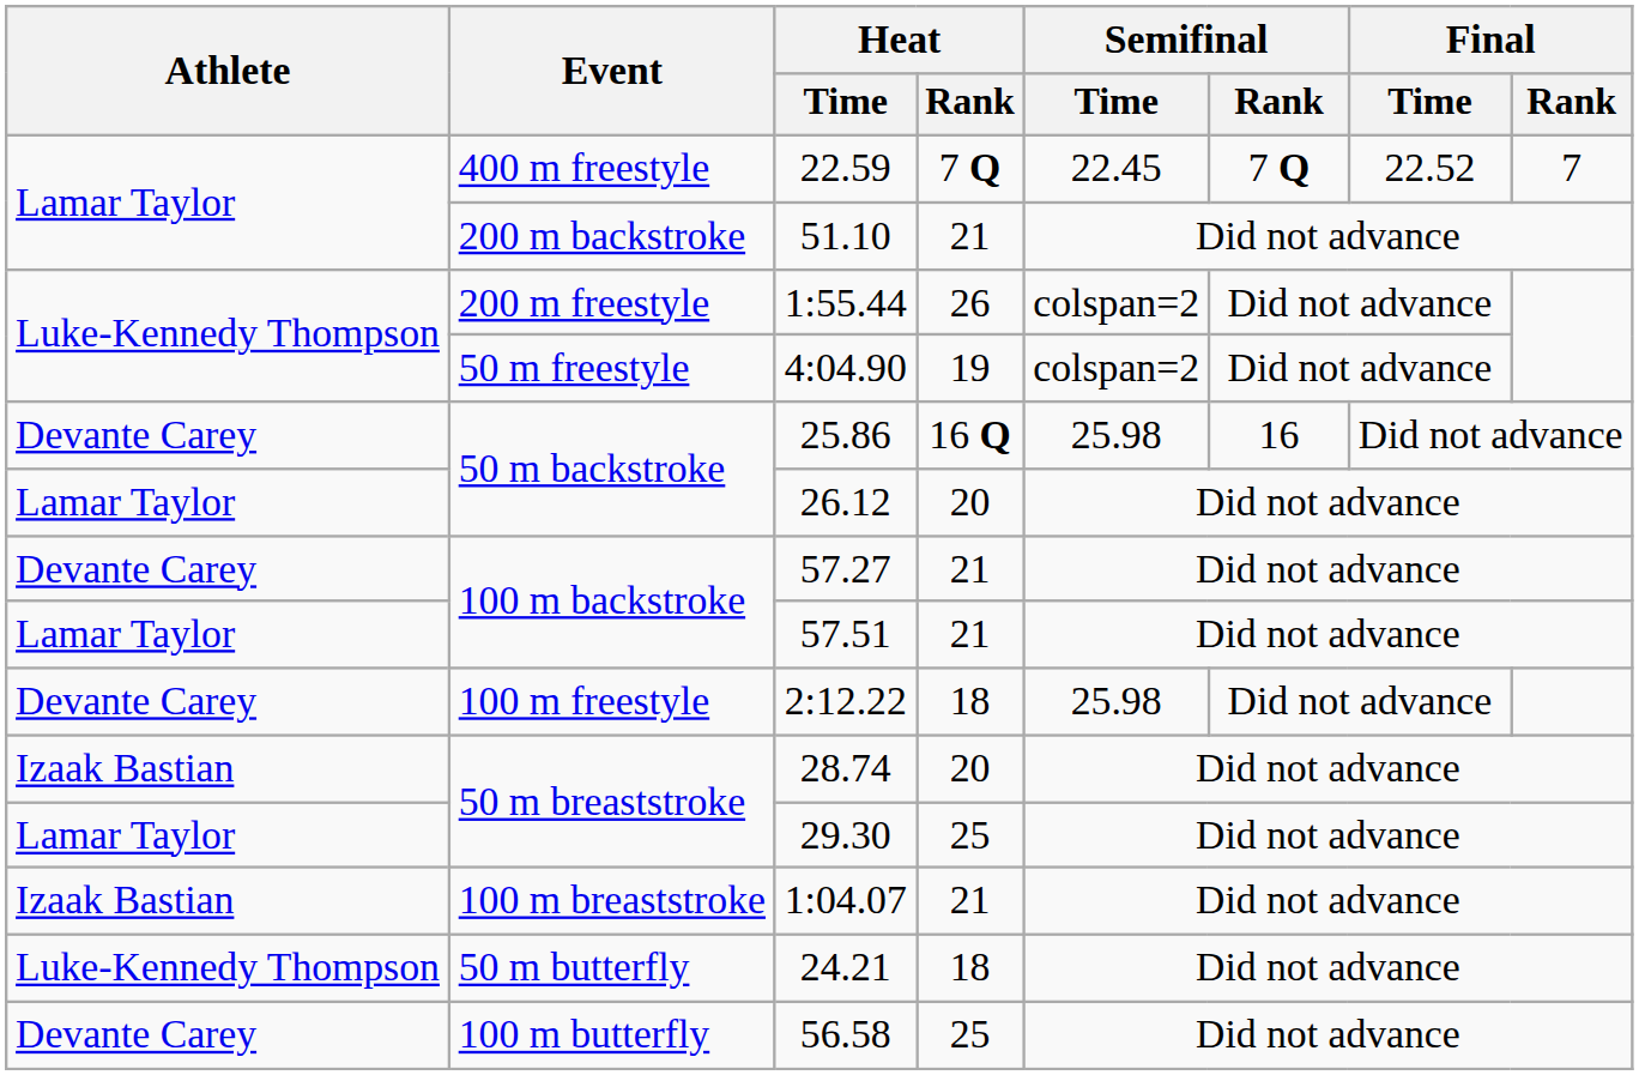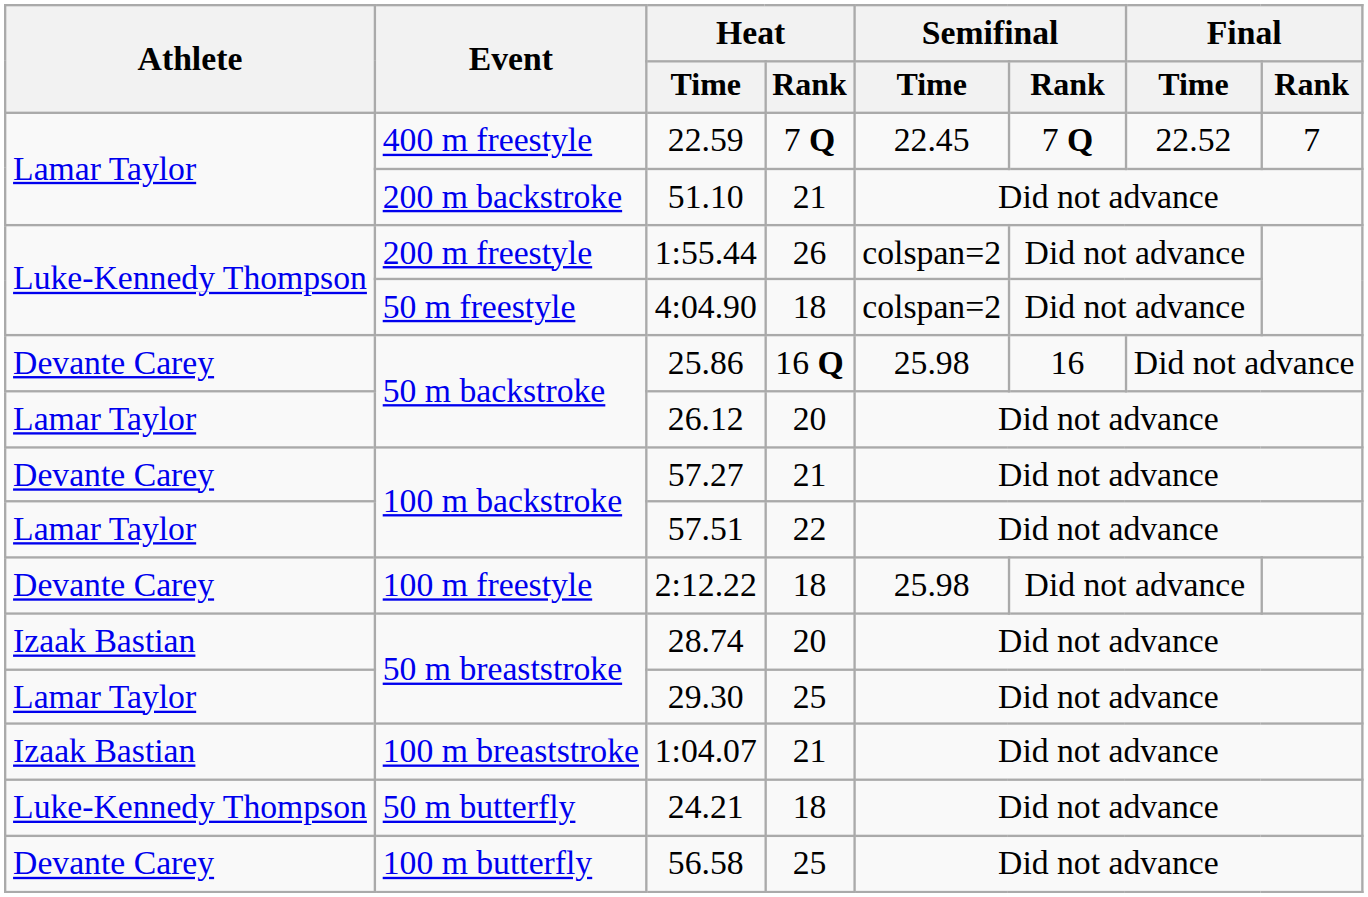 <table class=wikitable style=font-size:90%>
 <tr>
 <th rowspan=2>Athlete</th>
 <th rowspan=2>Event</th>
 <th colspan=2>Heat</th>
 <th colspan=2>Semifinal</th>
 <th colspan=2>Final</th>
 </tr>
 <tr style=font-size:95%>
 <th>Time</th>
 <th>Rank</th>
 <th>Time</th>
 <th>Rank</th>
 <th>Time</th>
 <th>Rank</th>
 </tr>
 <tr align=center>
 <td align=left rowspan=2><a href='#'>Lamar Taylor</a></td>
 <td align=left><a href='#'>400 m freestyle</a></td>
 <td>22.59</td>
 <td>7 <strong>Q</strong></td>
 <td>22.45</td>
 <td>7 <strong>Q</strong></td>
 <td>22.52</td>
 <td>7</td>
 </tr>
 <tr align=center>
 <td align=left rowspan=1><a href='#'>200 m backstroke</a></td>
 <td>51.10</td>
 <td>21</td>
 <td colspan=4>Did not advance</td>
 </tr>
 <tr align=center>
 <td align=left rowspan=2><a href='#'>Luke-Kennedy Thompson</a></td>
 <td align=left><a href='#'>200 m freestyle</a></td>
 <td>1:55.44</td>
 <td>26</td>
 <td>colspan=2 </td>
 <td colspan=2>Did not advance</td>
 </tr>
 <tr align=center>
 <td align=left rowspan=1><a href='#'>50 m freestyle</a></td>
 <td>4:04.90</td>
-<td>19</td>
+<td>18</td>
 <td>colspan=2 </td>
 <td colspan=2>Did not advance</td>
 </tr>
 <tr align=center>
 <td align=left><a href='#'>Devante Carey</a></td>
 <td align=left rowspan=2><a href='#'>50 m backstroke</a></td>
 <td>25.86</td>
 <td>16 <strong>Q</strong></td>
 <td>25.98</td>
 <td>16</td>
 <td colspan=2>Did not advance</td>
 </tr>
 <tr align=center>
 <td align=left><a href='#'>Lamar Taylor</a></td>
 <td>26.12</td>
 <td>20</td>
 <td colspan=4>Did not advance</td>
 </tr>
 <tr align=center>
 <td align=left><a href='#'>Devante Carey</a></td>
 <td align=left rowspan=2><a href='#'>100 m backstroke</a></td>
 <td>57.27</td>
 <td>21</td>
 <td colspan=4>Did not advance</td>
 </tr>
 <tr align=center>
 <td align=left><a href='#'>Lamar Taylor</a></td>
 <td>57.51</td>
-<td>21</td>
+<td>22</td>
 <td colspan=4>Did not advance</td>
 </tr>
 <tr align=center>
 <td align=left><a href='#'>Devante Carey</a></td>
 <td align=left rowspan=1><a href='#'>100 m freestyle</a></td>
 <td>2:12.22</td>
 <td>18</td>
 <td>25.98</td>
 <td colspan=2>Did not advance</td>
 </tr>
 <tr align=center>
 <td align=left><a href='#'>Izaak Bastian</a></td>
 <td align=left rowspan=2><a href='#'>50 m breaststroke</a></td>
 <td>28.74</td>
 <td>20</td>
 <td colspan=4>Did not advance</td>
 </tr>
 <tr align=center>
 <td align=left><a href='#'>Lamar Taylor</a></td>
 <td>29.30</td>
 <td>25</td>
 <td colspan=4>Did not advance</td>
 </tr>
 <tr align=center>
 <td align=left><a href='#'>Izaak Bastian</a></td>
 <td align=left rowspan=1><a href='#'>100 m breaststroke</a></td>
 <td>1:04.07</td>
 <td>21</td>
 <td colspan=4>Did not advance</td>
 </tr>
 <tr align=center>
 <td align=left><a href='#'>Luke-Kennedy Thompson</a></td>
 <td align=left><a href='#'>50 m butterfly</a></td>
 <td>24.21</td>
 <td>18</td>
 <td colspan=4>Did not advance</td>
 </tr>
 <tr align=center>
 <td align=left><a href='#'>Devante Carey</a></td>
 <td align=left rowspan=1><a href='#'>100 m butterfly</a></td>
 <td>56.58</td>
 <td>25</td>
 <td colspan=4>Did not advance</td>
 </tr>
 </table>
